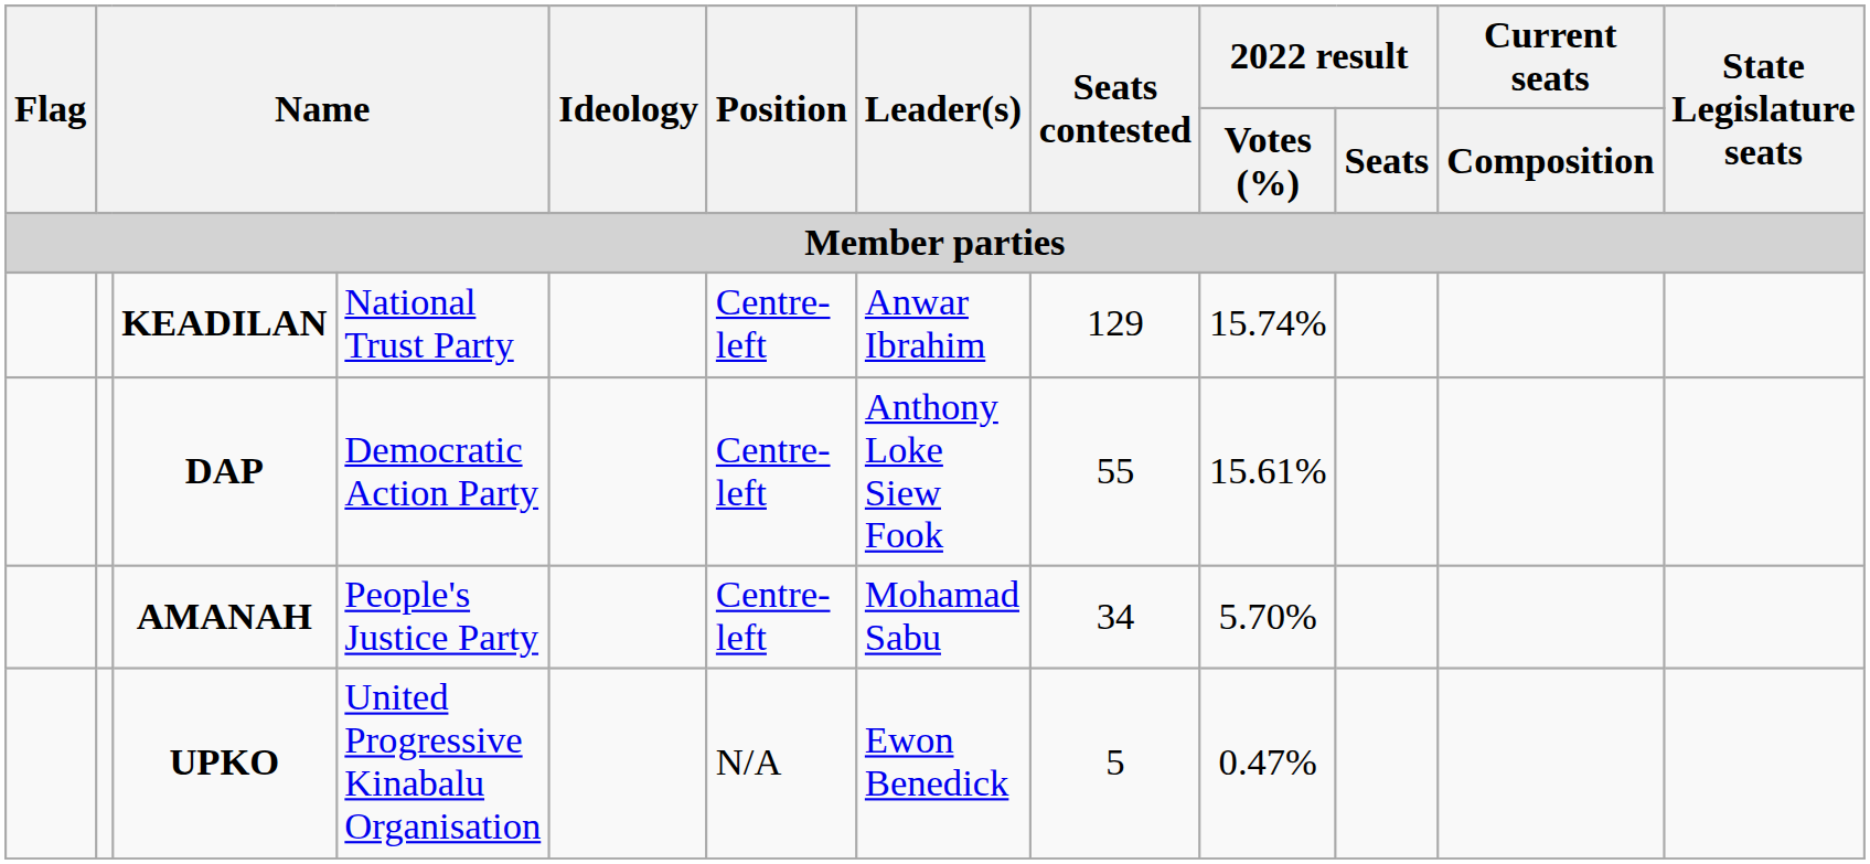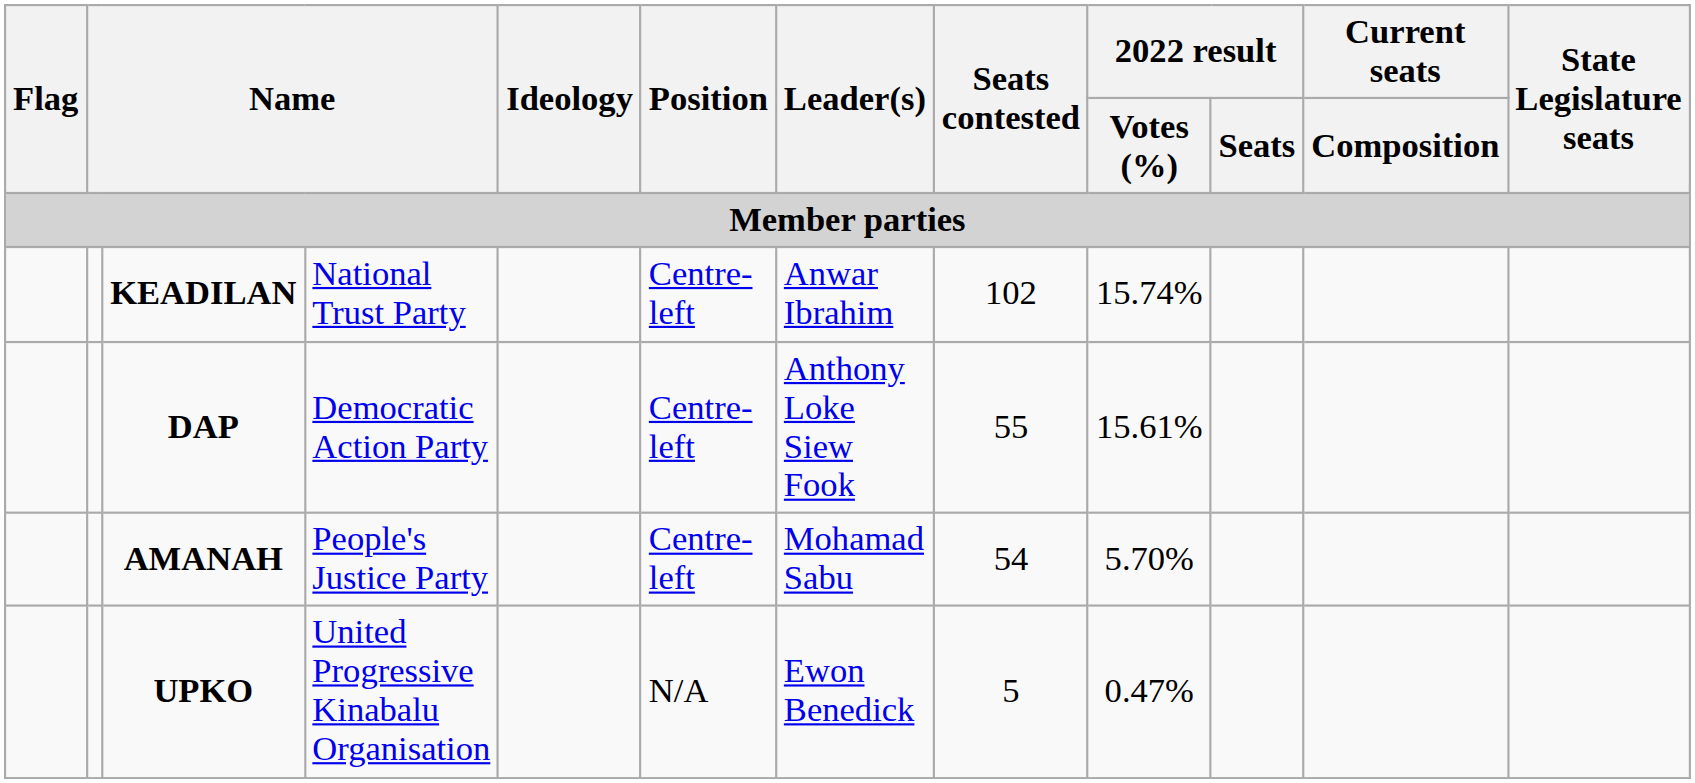 <table class="wikitable" style="width:100%;">
 <tr>
 <th rowspan="2">Flag</th>
 <th colspan="3" rowspan="2">Name</th>
 <th rowspan="2">Ideology</th>
 <th rowspan="2">Position</th>
 <th rowspan="2">Leader(s)</th>
 <th rowspan="2">Seats<br>contested</th>
 <th colspan="2">2022 result</th>
 <th>Current<br>seats</th>
 <th rowspan="2">State Legislature seats</th>
 </tr>
 <tr>
 <th>Votes (%)</th>
 <th>Seats</th>
 <th>Composition</th>
 </tr>
 <tr>
 <td colspan="12" style="text-align:center; background:lightgrey;"><strong>Member parties</strong></td>
 </tr>
 <tr>
 <td></td>
 <td style="background:"></td>
 <td style="text-align:center;"><strong>KEADILAN</strong></td>
 <td><a href='#'>National Trust Party</a><br></td>
 <td></td>
 <td><a href='#'>Centre-left</a></td>
 <td><a href='#'>Anwar Ibrahim</a></td>
-<td style="text-align:center;">129</td>
+<td style="text-align:center;">102</td>
 <td style="text-align:center;">15.74%</td>
 <td></td>
 <td></td>
 <td></td>
 </tr>
 <tr>
 <td></td>
 <td style="background:"></td>
 <td style="text-align:center;"><strong>DAP</strong></td>
 <td><a href='#'>Democratic Action Party</a><br></td>
 <td></td>
 <td><a href='#'>Centre-left</a></td>
 <td><a href='#'>Anthony Loke Siew Fook</a></td>
 <td style="text-align:center;">55</td>
 <td style="text-align:center;">15.61%</td>
 <td></td>
 <td></td>
 <td></td>
 </tr>
 <tr>
 <td></td>
 <td style="background:"></td>
 <td style="text-align:center;"><strong>AMANAH</strong></td>
 <td><a href='#'>People's Justice Party</a> <br> </td>
 <td></td>
 <td><a href='#'>Centre-left</a></td>
 <td><a href='#'>Mohamad Sabu</a></td>
-<td style="text-align:center;">34</td>
+<td style="text-align:center;">54</td>
 <td style="text-align:center;">5.70%</td>
 <td></td>
 <td></td>
 <td></td>
 </tr>
 <tr>
 <td></td>
 <td style="background:"></td>
 <td style="text-align:center;"><strong>UPKO</strong></td>
 <td><a href='#'>United Progressive Kinabalu Organisation</a> <br></td>
 <td></td>
 <td>N/A</td>
 <td><a href='#'>Ewon Benedick</a></td>
 <td style="text-align:center;">5</td>
 <td style="text-align:center;">0.47%</td>
 <td></td>
 <td></td>
 <td></td>
 </tr>
 <tr>
 </tr>
 </table>
